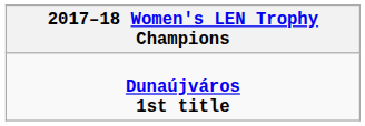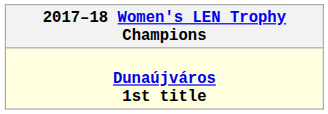 <table class="wikitable" style="margin: 0 auto; width: 30%;">
 <tr>
 <th>2017–18 <a href='#'>Women's LEN Trophy</a><br>Champions</th>
 </tr>
 <tr>
-<td align="center"><br><strong><a href='#'>Dunaújváros</a></strong><br><strong>1st title</strong></td>
+<td align="center" style="background: lightyellow;"><br><strong><a href='#'>Dunaújváros</a></strong><br><strong>1st title</strong></td>
 </tr>
 </table>
